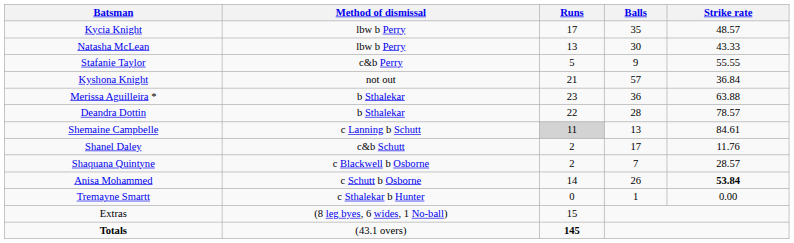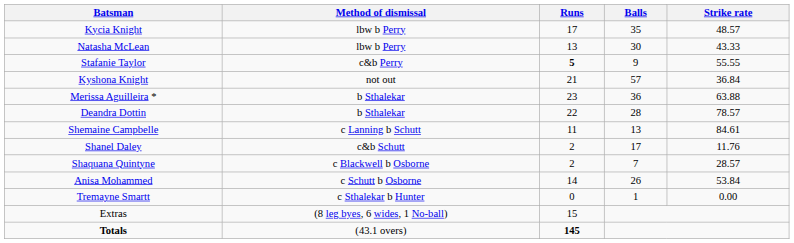 <table border="1" cellpadding="1" cellspacing="0" style="border: gray solid 1px; border-collapse: collapse; text-align: center; width: 60%;" class=wikitable>
 <tr>
 <th><a href='#'>Batsman</a></th>
 <th><a href='#'>Method of dismissal</a></th>
 <th><a href='#'>Runs</a></th>
 <th><a href='#'>Balls</a></th>
 <th><a href='#'>Strike rate</a></th>
 </tr>
 <tr>
 <td><a href='#'>Kycia Knight</a></td>
 <td>lbw b <a href='#'>Perry</a></td>
 <td>17</td>
 <td>35</td>
 <td>48.57</td>
 </tr>
 <tr>
 <td><a href='#'>Natasha McLean</a></td>
 <td>lbw b <a href='#'>Perry</a></td>
 <td>13</td>
 <td>30</td>
 <td>43.33</td>
 </tr>
 <tr>
 <td><a href='#'>Stafanie Taylor</a></td>
 <td>c&b <a href='#'>Perry</a></td>
-<td>5</td>
+<td><strong>5</strong></td>
 <td>9</td>
 <td>55.55</td>
 </tr>
 <tr>
 <td><a href='#'>Kyshona Knight</a></td>
 <td>not out</td>
 <td>21</td>
 <td>57</td>
 <td>36.84</td>
 </tr>
 <tr>
 <td><a href='#'>Merissa Aguilleira</a> * </td>
 <td>b <a href='#'>Sthalekar</a></td>
 <td>23</td>
 <td>36</td>
 <td>63.88</td>
 </tr>
 <tr>
 <td><a href='#'>Deandra Dottin</a></td>
 <td>b <a href='#'>Sthalekar</a></td>
 <td>22</td>
 <td>28</td>
 <td>78.57</td>
 </tr>
 <tr>
 <td><a href='#'>Shemaine Campbelle</a></td>
 <td>c <a href='#'>Lanning</a> b <a href='#'>Schutt</a></td>
-<td style="background: lightgrey;">11</td>
+<td>11</td>
 <td>13</td>
 <td>84.61</td>
 </tr>
 <tr>
 <td><a href='#'>Shanel Daley</a></td>
 <td>c&b <a href='#'>Schutt</a></td>
 <td>2</td>
 <td>17</td>
 <td>11.76</td>
 </tr>
 <tr>
 <td><a href='#'>Shaquana Quintyne</a></td>
 <td>c <a href='#'>Blackwell</a> b <a href='#'>Osborne</a></td>
 <td>2</td>
 <td>7</td>
 <td>28.57</td>
 </tr>
 <tr>
 <td><a href='#'>Anisa Mohammed</a></td>
 <td>c <a href='#'>Schutt</a> b <a href='#'>Osborne</a></td>
 <td>14</td>
 <td>26</td>
-<td><strong>53.84</strong></td>
+<td>53.84</td>
 </tr>
 <tr>
 <td><a href='#'>Tremayne Smartt</a></td>
 <td>c <a href='#'>Sthalekar</a> b <a href='#'>Hunter</a></td>
 <td>0</td>
 <td>1</td>
 <td>0.00</td>
 </tr>
 <tr>
 <td>Extras</td>
 <td>(8 <a href='#'>leg byes</a>, 6 <a href='#'>wides</a>, 1 <a href='#'>No-ball</a>)</td>
 <td>15</td>
 <td colspan="2"></td>
 </tr>
 <tr>
 <td><strong>Totals</strong></td>
 <td>(43.1 overs)</td>
 <td><strong>145</strong></td>
 <td colspan="2"></td>
 </tr>
 </table>
